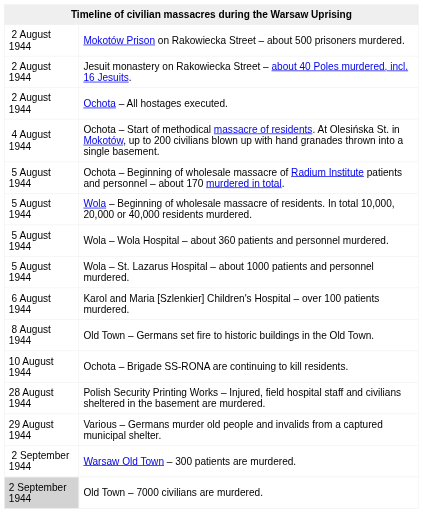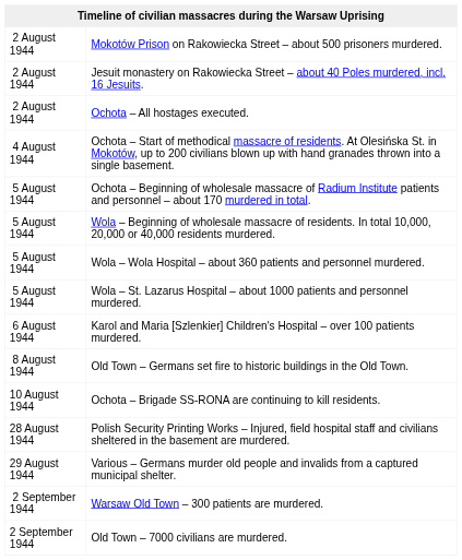 <table border="1" align="center" style="border-collapse:collapse; border-color:#f2f2f4; margin-top:1px; margin-bottom:15px; font-size:90%" cellpadding="6" width="95%">
 <tr align="center">
 <th colspan=2 bgcolor="#EFEFEF">Timeline of civilian massacres during the Warsaw Uprising</th>
 </tr>
 <tr>
 <td width="18%"> 2 August 1944</td>
 <td><a href='#'>Mokotów Prison</a> on Rakowiecka Street – about 500 prisoners murdered.</td>
 </tr>
 <tr>
 <td width="18%"> 2 August 1944</td>
 <td>Jesuit monastery on Rakowiecka Street – <a href='#'>about 40 Poles murdered, incl. 16 Jesuits</a>.</td>
 </tr>
 <tr>
 <td> 2 August 1944</td>
 <td><a href='#'>Ochota</a> – All hostages executed.</td>
 </tr>
 <tr>
 <td> 4 August 1944</td>
 <td>Ochota – Start of methodical <a href='#'>massacre of residents</a>. At Olesińska St. in <a href='#'>Mokotów</a>, up to 200 civilians blown up with hand granades thrown into a single basement.</td>
 </tr>
 <tr>
 <td> 5 August 1944</td>
 <td>Ochota – Beginning of wholesale massacre of <a href='#'>Radium Institute</a> patients and personnel – about 170 <a href='#'>murdered in total</a>.</td>
 </tr>
 <tr>
 <td> 5 August 1944</td>
 <td><a href='#'>Wola</a> – Beginning of wholesale massacre of residents. In total 10,000, 20,000 or 40,000 residents murdered.</td>
 </tr>
 <tr>
 <td> 5 August 1944</td>
 <td>Wola – Wola Hospital – about 360 patients and personnel murdered.</td>
 </tr>
 <tr>
 <td> 5 August 1944</td>
 <td>Wola – St. Lazarus Hospital – about 1000 patients and personnel murdered.</td>
 </tr>
 <tr>
 <td> 6 August 1944</td>
 <td>Karol and Maria [Szlenkier] Children's Hospital – over 100 patients murdered.</td>
 </tr>
 <tr>
 <td> 8 August 1944</td>
 <td>Old Town – Germans set fire to historic buildings in the Old Town.</td>
 </tr>
 <tr>
 <td>10 August 1944</td>
 <td>Ochota – Brigade SS-RONA are continuing to kill residents.</td>
 </tr>
 <tr>
 <td>28 August 1944</td>
 <td>Polish Security Printing Works – Injured, field hospital staff and civilians sheltered in the basement are murdered.</td>
 </tr>
 <tr>
 <td>29 August 1944</td>
 <td>Various – Germans murder old people and invalids from a captured municipal shelter.</td>
 </tr>
 <tr>
 <td> 2 September 1944</td>
 <td><a href='#'>Warsaw Old Town</a> – 300 patients are murdered.</td>
 </tr>
 <tr>
-<td style="background: lightgrey;">2 September 1944</td>
+<td>2 September 1944</td>
 <td>Old Town – 7000 civilians are murdered.</td>
 </tr>
 </table>
